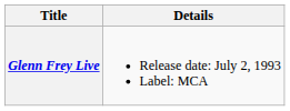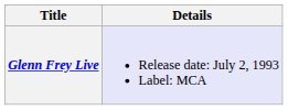 <table class="wikitable plainrowheaders">
 <tr>
 <th scope="col">Title</th>
 <th scope="col">Details</th>
 </tr>
 <tr>
 <th scope="row"><em><a href='#'>Glenn Frey Live</a></em></th>
-<td><br><ul><li>Release date: July 2, 1993</li><li>Label: MCA</li></ul></td>
+<td style="background: lavender;"><br><ul><li>Release date: July 2, 1993</li><li>Label: MCA</li></ul></td>
 </tr>
 </table>
